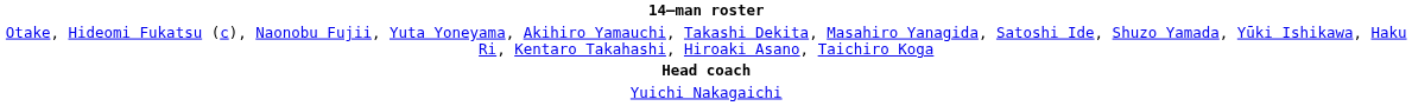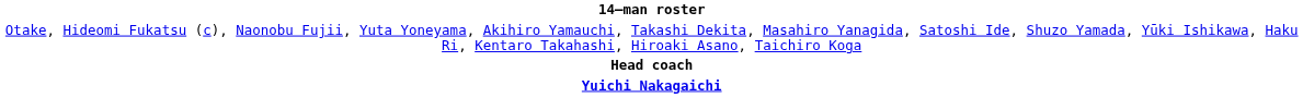 <table style="text-align:center; margin-top:2em; margin-left:auto; margin-right:auto">
 <tr>
 <td><strong>14–man roster</strong></td>
 </tr>
 <tr>
 <td><a href='#'>Otake</a>, <a href='#'>Hideomi Fukatsu</a> (<a href='#'>c</a>), <a href='#'>Naonobu Fujii</a>, <a href='#'>Yuta Yoneyama</a>, <a href='#'>Akihiro Yamauchi</a>, <a href='#'>Takashi Dekita</a>, <a href='#'>Masahiro Yanagida</a>, <a href='#'>Satoshi Ide</a>, <a href='#'>Shuzo Yamada</a>, <a href='#'>Yūki Ishikawa</a>, <a href='#'>Haku Ri</a>, <a href='#'>Kentaro Takahashi</a>, <a href='#'>Hiroaki Asano</a>, <a href='#'>Taichiro Koga</a></td>
 </tr>
 <tr>
 <td><strong>Head coach</strong></td>
 </tr>
 <tr>
-<td><a href='#'>Yuichi Nakagaichi</a></td>
+<td><strong><a href='#'>Yuichi Nakagaichi</a></strong></td>
 </tr>
 </table>
